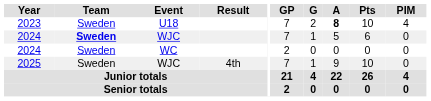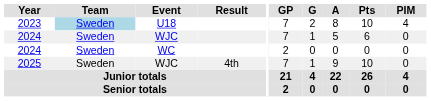 <table border="0" cellpadding="1" cellspacing="0" ID="Table3" style="text-align:center; width:40em;">
 <tr bgcolor="#e0e0e0">
 <th>Year</th>
 <th>Team</th>
 <th>Event</th>
 <th>Result</th>
 <th rowspan="99" bgcolor="#ffffff"></th>
 <th>GP</th>
 <th>G</th>
 <th>A</th>
 <th>Pts</th>
 <th>PIM</th>
 </tr>
 <tr>
 <td><a href='#'>2023</a></td>
-<td><a href='#'>Sweden</a></td>
+<td style="background: lightblue;"><a href='#'>Sweden</a></td>
 <td><a href='#'>U18</a></td>
 <td></td>
 <td>7</td>
 <td>2</td>
-<td><strong>8</strong></td>
+<td>8</td>
 <td>10</td>
 <td>4</td>
 </tr>
 <tr bgcolor="#f0f0f0">
 <td><a href='#'>2024</a></td>
-<td><strong><a href='#'>Sweden</a></strong></td>
+<td><a href='#'>Sweden</a></td>
 <td><a href='#'>WJC</a></td>
 <td></td>
 <td>7</td>
 <td>1</td>
 <td>5</td>
 <td>6</td>
 <td>0</td>
 </tr>
 <tr>
 <td><a href='#'>2024</a></td>
 <td><a href='#'>Sweden</a></td>
 <td><a href='#'>WC</a></td>
 <td></td>
 <td>2</td>
 <td>0</td>
 <td>0</td>
 <td>0</td>
 <td>0</td>
 </tr>
 <tr bgcolor="#f0f0f0">
 <td><a href='#'>2025</a></td>
 <td>Sweden</td>
 <td>WJC</td>
 <td>4th</td>
 <td>7</td>
 <td>1</td>
 <td>9</td>
 <td>10</td>
 <td>0</td>
 </tr>
 <tr bgcolor="#e0e0e0">
 <th colspan="4">Junior totals</th>
 <th>21</th>
 <th>4</th>
 <th>22</th>
 <th>26</th>
 <th>4</th>
 </tr>
 <tr bgcolor="#e0e0e0">
 <th colspan="4">Senior totals</th>
 <th>2</th>
 <th>0</th>
 <th>0</th>
 <th>0</th>
 <th>0</th>
 </tr>
 </table>
